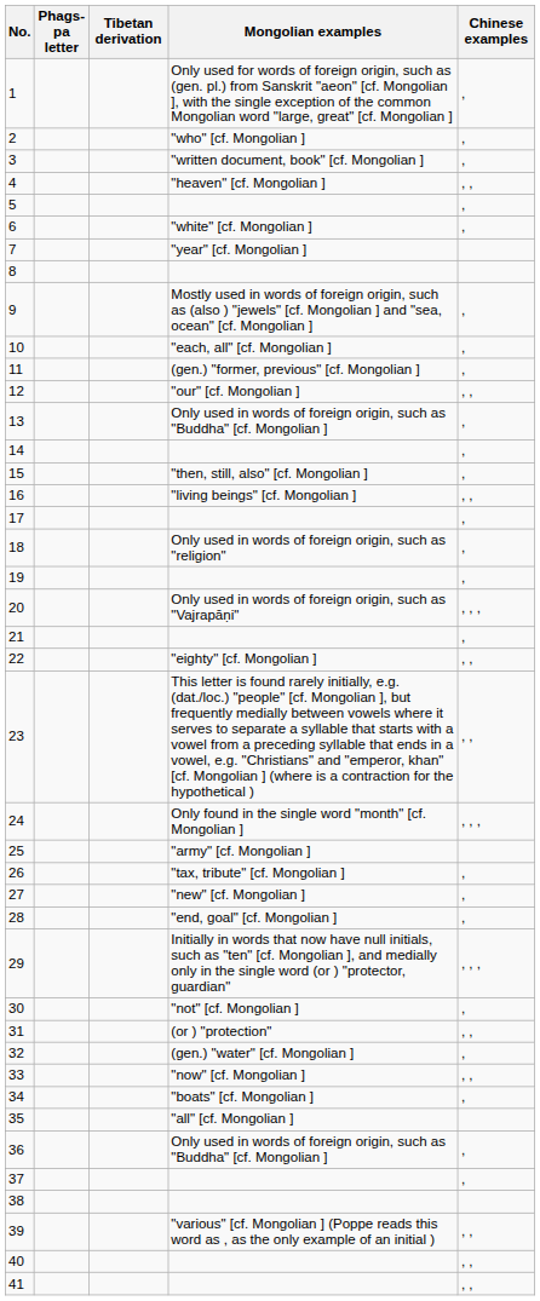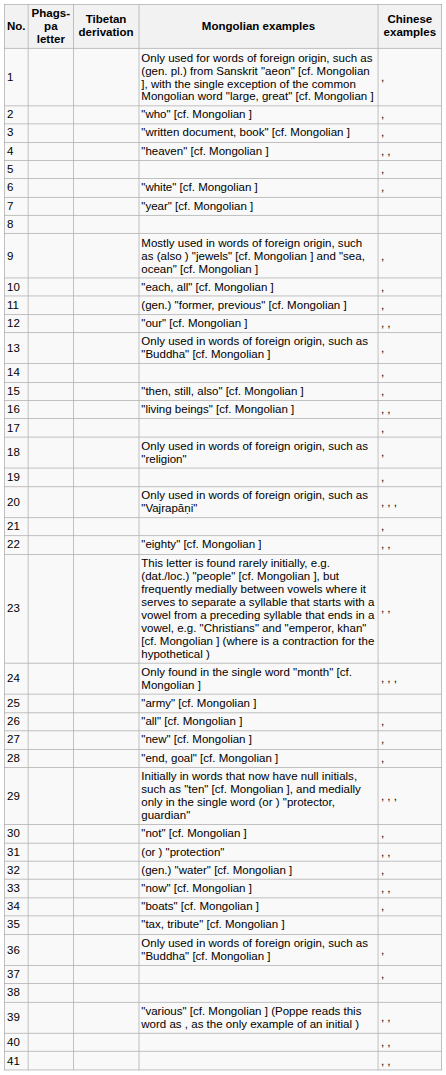 <table class="wikitable">
 <tr>
 <th>No.</th>
 <th>Phags-pa<br>letter</th>
 <th>Tibetan derivation</th>
 <th>Mongolian examples</th>
 <th>Chinese examples</th>
 </tr>
 <tr>
 <td>1</td>
 <td></td>
 <td></td>
 <td>Only used for words of foreign origin, such as <em></em> (gen. pl.) from Sanskrit  "aeon" [cf. Mongolian  <em></em>], with the single exception of the common Mongolian word <em></em> "large, great" [cf. Mongolian  <em></em>]</td>
 <td><em></em>  , <em></em>  </td>
 </tr>
 <tr>
 <td>2</td>
 <td></td>
 <td></td>
 <td><em></em> "who" [cf. Mongolian  <em></em>]</td>
 <td><em></em>  , <em></em>  </td>
 </tr>
 <tr>
 <td>3</td>
 <td></td>
 <td></td>
 <td><em></em> "written document, book" [cf. Mongolian  <em></em>]</td>
 <td><em></em>  , <em></em>  </td>
 </tr>
 <tr>
 <td>4</td>
 <td></td>
 <td></td>
 <td><em></em> "heaven" [cf. Mongolian  <em></em>]</td>
 <td><em></em>  , <em></em>  , <em></em>  </td>
 </tr>
 <tr>
 <td>5</td>
 <td></td>
 <td></td>
 <td></td>
 <td><em></em>  , <em></em>  </td>
 </tr>
 <tr>
 <td>6</td>
 <td></td>
 <td></td>
 <td><em></em> "white" [cf. Mongolian  <em></em>]</td>
 <td><em></em>  , <em></em>  </td>
 </tr>
 <tr>
 <td>7</td>
 <td></td>
 <td></td>
 <td><em></em> "year" [cf. Mongolian  <em></em>]</td>
 <td><em></em>  </td>
 </tr>
 <tr>
 <td>8</td>
 <td></td>
 <td></td>
 <td></td>
 <td><em></em>  </td>
 </tr>
 <tr>
 <td>9</td>
 <td></td>
 <td></td>
 <td>Mostly used in words of foreign origin, such as <em></em> (also <em></em>) "jewels" [cf. Mongolian  <em></em>] and <em></em> "sea, ocean" [cf. Mongolian  <em></em>]</td>
 <td><em></em>  , <em></em>  </td>
 </tr>
 <tr>
 <td>10</td>
 <td></td>
 <td></td>
 <td><em></em> "each, all" [cf. Mongolian  <em></em>]</td>
 <td><em></em>  , <em></em>  </td>
 </tr>
 <tr>
 <td>11</td>
 <td></td>
 <td></td>
 <td><em></em> (gen.) "former, previous" [cf. Mongolian  <em></em>]</td>
 <td><em></em>  , <em></em>  </td>
 </tr>
 <tr>
 <td>12</td>
 <td></td>
 <td></td>
 <td><em></em> "our" [cf. Mongolian  <em></em>]</td>
 <td><em></em>  , <em></em>  , <em></em>  </td>
 </tr>
 <tr>
 <td>13</td>
 <td></td>
 <td></td>
 <td>Only used in words of foreign origin, such as <em></em> "Buddha" [cf. Mongolian  <em></em>]</td>
 <td><em></em>  , <em></em>  </td>
 </tr>
 <tr>
 <td>14</td>
 <td></td>
 <td></td>
 <td></td>
 <td><em></em>  , <em></em>  </td>
 </tr>
 <tr>
 <td>15</td>
 <td></td>
 <td></td>
 <td><em></em> "then, still, also" [cf. Mongolian  <em></em>]</td>
 <td><em></em>  , <em></em>  </td>
 </tr>
 <tr>
 <td>16</td>
 <td></td>
 <td></td>
 <td><em></em> "living beings" [cf. Mongolian  <em></em>]</td>
 <td><em></em>  , <em></em>  , <em></em>  </td>
 </tr>
 <tr>
 <td>17</td>
 <td></td>
 <td></td>
 <td></td>
 <td><em></em>  , <em></em>  </td>
 </tr>
 <tr>
 <td>18</td>
 <td></td>
 <td></td>
 <td>Only used in words of foreign origin, such as <em></em> "religion"</td>
 <td><em></em>  , <em></em>  </td>
 </tr>
 <tr>
 <td>19</td>
 <td></td>
 <td></td>
 <td></td>
 <td><em></em>  , <em></em>  </td>
 </tr>
 <tr>
 <td>20</td>
 <td></td>
 <td></td>
 <td>Only used in words of foreign origin, such as <em></em> "Vajrapāṇi"</td>
 <td><em></em>  , <em></em>  , <em></em>  , <em></em>  </td>
 </tr>
 <tr>
 <td>21</td>
 <td></td>
 <td></td>
 <td></td>
 <td><em></em>  , <em></em>  </td>
 </tr>
 <tr>
 <td>22</td>
 <td></td>
 <td></td>
 <td><em></em> "eighty" [cf. Mongolian  <em></em>]</td>
 <td><em></em>  , <em></em>  , <em></em>  </td>
 </tr>
 <tr>
 <td>23</td>
 <td></td>
 <td></td>
 <td>This letter is found rarely initially, e.g. <em></em> (dat./loc.) "people" [cf. Mongolian  <em></em>], but frequently medially between vowels where it serves to separate a syllable that starts with a vowel from a preceding syllable that ends in a vowel, e.g. <em></em> "Christians" and <em></em> "emperor, khan" [cf. Mongolian  <em></em>] (where <em></em> is a contraction for the hypothetical <em></em>)</td>
 <td><em></em>  , <em></em>  , <em></em>  </td>
 </tr>
 <tr>
 <td>24</td>
 <td></td>
 <td></td>
 <td>Only found in the single word <em></em> "month" [cf. Mongolian  <em></em>]</td>
 <td><em></em>  , <em></em>  , <em></em>  , <em></em>  </td>
 </tr>
 <tr>
 <td>25</td>
 <td></td>
 <td></td>
 <td><em></em> "army" [cf. Mongolian  <em></em>]</td>
 <td></td>
 </tr>
 <tr>
 <td>26</td>
 <td></td>
 <td></td>
-<td><em></em> "tax, tribute" [cf. Mongolian  <em></em>]</td>
+<td><em></em> "all" [cf. Mongolian  <em></em>]</td>
 <td><em></em>  , <em></em>  </td>
 </tr>
 <tr>
 <td>27</td>
 <td></td>
 <td></td>
 <td><em></em> "new" [cf. Mongolian  <em></em>]</td>
 <td><em></em>  , <em></em>  </td>
 </tr>
 <tr>
 <td>28</td>
 <td></td>
 <td></td>
 <td><em></em> "end, goal" [cf. Mongolian  <em></em>]</td>
 <td><em></em>  , <em></em>  </td>
 </tr>
 <tr>
 <td>29</td>
 <td></td>
 <td></td>
 <td>Initially in words that now have null initials, such as <em></em> "ten" [cf. Mongolian  <em></em>], and medially only in the single word <em></em> (or <em></em>) "protector, guardian"</td>
 <td><em></em>  , <em></em>  , <em></em>  , <em></em>  </td>
 </tr>
 <tr>
 <td>30</td>
 <td></td>
 <td></td>
 <td><em></em> "not" [cf. Mongolian  <em></em>]</td>
 <td><em></em>  , <em></em>  </td>
 </tr>
 <tr>
 <td>31</td>
 <td></td>
 <td></td>
 <td><em></em> (or <em></em>) "protection"</td>
 <td><em></em>  , <em></em>  , <em></em>  </td>
 </tr>
 <tr>
 <td>32</td>
 <td></td>
 <td></td>
 <td><em></em> (gen.) "water" [cf. Mongolian  <em></em>]</td>
 <td><em></em>  , <em></em>  </td>
 </tr>
 <tr>
 <td>33</td>
 <td></td>
 <td></td>
 <td><em></em> "now" [cf. Mongolian  <em></em>]</td>
 <td><em></em>  , <em></em>  , <em></em>  </td>
 </tr>
 <tr>
 <td>34</td>
 <td></td>
 <td></td>
 <td><em></em> "boats" [cf. Mongolian  <em></em>]</td>
 <td><em></em>  , <em></em>  </td>
 </tr>
 <tr>
 <td>35</td>
 <td></td>
 <td></td>
-<td><em></em> "all" [cf. Mongolian  <em></em>]</td>
+<td><em></em> "tax, tribute" [cf. Mongolian  <em></em>]</td>
 <td></td>
 </tr>
 <tr>
 <td>36</td>
 <td></td>
 <td></td>
 <td>Only used in words of foreign origin, such as <em></em> "Buddha" [cf. Mongolian  <em></em>]</td>
 <td><em></em>  , <em></em>  </td>
 </tr>
 <tr>
 <td>37</td>
 <td></td>
 <td></td>
 <td></td>
 <td><em></em>  , <em></em>  </td>
 </tr>
 <tr>
 <td>38</td>
 <td></td>
 <td></td>
 <td></td>
 <td></td>
 </tr>
 <tr>
 <td>39</td>
 <td></td>
 <td></td>
 <td><em></em> "various" [cf. Mongolian  <em></em>] (Poppe reads this word as <em></em>, as the only example of an initial  <em></em>)</td>
 <td><em></em>  , <em></em>  , <em></em>  </td>
 </tr>
 <tr>
 <td>40</td>
 <td></td>
 <td></td>
 <td></td>
 <td><em></em>  , <em></em>  , <em></em>  </td>
 </tr>
 <tr>
 <td>41</td>
 <td></td>
 <td></td>
 <td></td>
 <td><em></em>  , <em></em>  , <em></em>  </td>
 </tr>
 </table>
